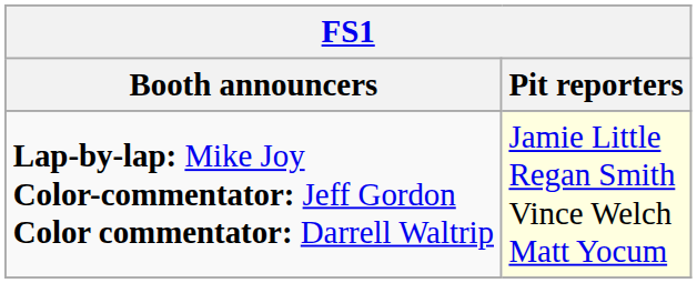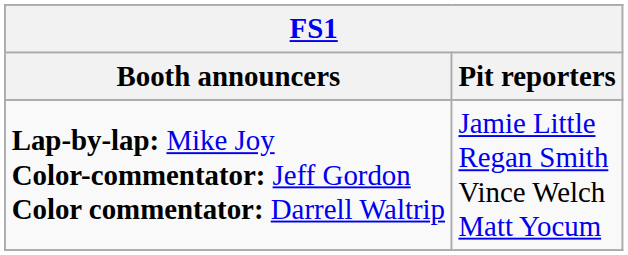 <table class="wikitable" style="font-size: 95%">
 <tr>
 <th colspan="2"><a href='#'>FS1</a></th>
 </tr>
 <tr>
 <th>Booth announcers</th>
 <th>Pit reporters</th>
 </tr>
 <tr>
 <td><strong>Lap-by-lap:</strong> <a href='#'>Mike Joy</a><br><strong>Color-commentator:</strong> <a href='#'>Jeff Gordon</a><br><strong>Color commentator:</strong> <a href='#'>Darrell Waltrip</a></td>
-<td style="background: lightyellow;"><a href='#'>Jamie Little</a><br><a href='#'>Regan Smith</a><br>Vince Welch<br><a href='#'>Matt Yocum</a></td>
+<td><a href='#'>Jamie Little</a><br><a href='#'>Regan Smith</a><br>Vince Welch<br><a href='#'>Matt Yocum</a></td>
 </tr>
 </table>
